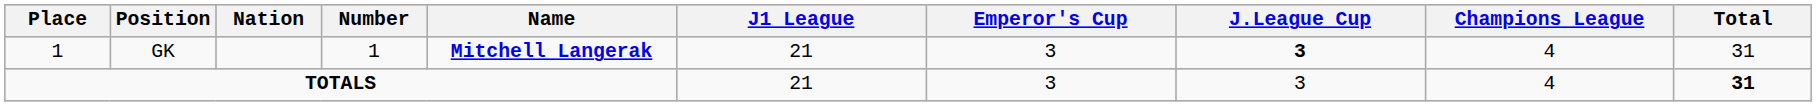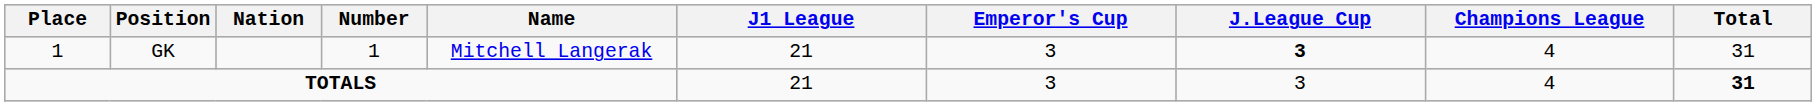 <table class="wikitable" style="font-size: 95%; text-align: center;">
 <tr>
 <th width=60>Place</th>
 <th width=60>Position</th>
 <th width=60>Nation</th>
 <th width=60>Number</th>
 <th width=150>Name</th>
 <th width=150><a href='#'>J1 League</a></th>
 <th width=150><a href='#'>Emperor's Cup</a></th>
 <th width=150><a href='#'>J.League Cup</a></th>
 <th width=150><a href='#'>Champions League</a></th>
 <th width=80>Total</th>
 </tr>
 <tr>
 <td>1</td>
 <td>GK</td>
 <td></td>
 <td>1</td>
-<td><strong><a href='#'>Mitchell Langerak</a></strong></td>
+<td><a href='#'>Mitchell Langerak</a></td>
 <td>21</td>
 <td>3</td>
 <td><strong>3</strong></td>
 <td>4</td>
 <td>31</td>
 </tr>
 <tr>
 <td colspan="5"><strong>TOTALS</strong></td>
 <td>21</td>
 <td>3</td>
 <td>3</td>
 <td>4</td>
 <td><strong>31</strong></td>
 </tr>
 </table>
